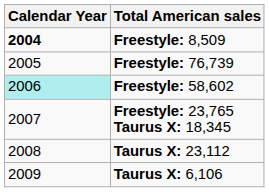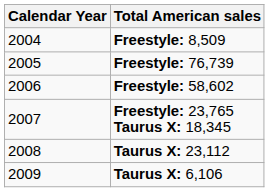 <table class="wikitable">
 <tr>
 <th>Calendar Year</th>
 <th>Total American sales</th>
 </tr>
 <tr>
-<td><strong>2004</strong></td>
+<td>2004</td>
 <td><strong>Freestyle:</strong> 8,509</td>
 </tr>
 <tr>
 <td>2005</td>
 <td><strong>Freestyle:</strong> 76,739</td>
 </tr>
 <tr>
-<td style="background: paleturquoise;">2006</td>
+<td>2006</td>
 <td><strong>Freestyle:</strong> 58,602</td>
 </tr>
 <tr>
 <td>2007</td>
 <td><strong>Freestyle:</strong> 23,765<br><strong>Taurus X:</strong> 18,345</td>
 </tr>
 <tr>
 <td>2008</td>
 <td><strong>Taurus X:</strong> 23,112</td>
 </tr>
 <tr>
 <td>2009</td>
 <td><strong>Taurus X:</strong> 6,106</td>
 </tr>
 </table>
